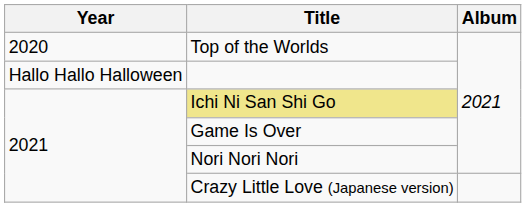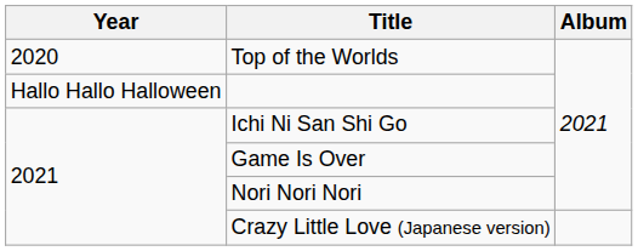 <table class="wikitable">
 <tr>
 <th>Year</th>
 <th>Title</th>
 <th>Album</th>
 </tr>
 <tr>
 <td rowspan="2">2020</td>
 <td>Top of the Worlds</td>
 <td rowspan= "6"><em>2021</em></td>
 </tr>
 <tr>
 </tr>
 <tr>
 <td>Hallo Hallo Halloween</td>
 </tr>
 <tr>
 <td rowspan="4">2021</td>
-<td style="background: khaki;">Ichi Ni San Shi Go</td>
+<td>Ichi Ni San Shi Go</td>
 </tr>
 <tr>
 <td>Game Is Over</td>
 </tr>
 <tr>
 <td>Nori Nori Nori</td>
 </tr>
 <tr>
 <td>Crazy Little Love <small> (Japanese version) </small></td>
 </tr>
 </table>
